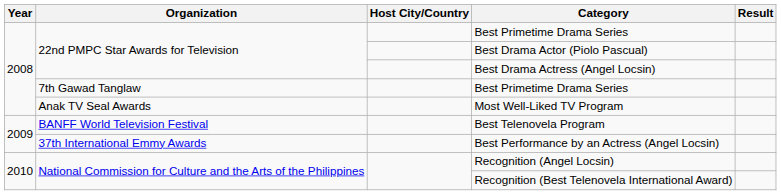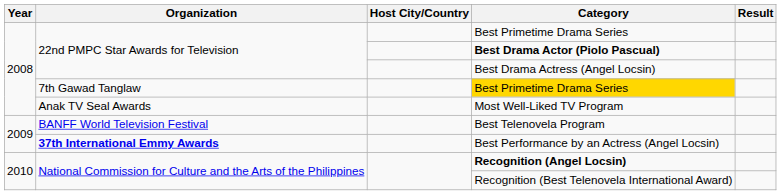 <table class="wikitable">
 <tr>
 <th>Year</th>
 <th>Organization</th>
 <th>Host City/Country</th>
 <th>Category</th>
 <th>Result</th>
 </tr>
 <tr>
 <td rowspan="5">2008</td>
 <td rowspan="3">22nd PMPC Star Awards for Television</td>
 <td></td>
 <td>Best Primetime Drama Series</td>
 <td></td>
 </tr>
 <tr>
 <td></td>
-<td>Best Drama Actor (Piolo Pascual)</td>
+<td><strong>Best Drama Actor (Piolo Pascual)</strong></td>
 <td></td>
 </tr>
 <tr>
 <td></td>
 <td>Best Drama Actress (Angel Locsin)</td>
 <td></td>
 </tr>
 <tr>
 <td>7th Gawad Tanglaw</td>
 <td></td>
-<td>Best Primetime Drama Series</td>
+<td style="background: gold;">Best Primetime Drama Series</td>
 <td></td>
 </tr>
 <tr>
 <td>Anak TV Seal Awards</td>
 <td></td>
 <td>Most Well-Liked TV Program</td>
 <td></td>
 </tr>
 <tr>
 <td rowspan="2">2009</td>
 <td><a href='#'>BANFF World Television Festival</a></td>
 <td></td>
 <td>Best Telenovela Program</td>
 <td></td>
 </tr>
 <tr>
-<td><a href='#'>37th International Emmy Awards</a></td>
+<td><strong><a href='#'>37th International Emmy Awards</a></strong></td>
 <td></td>
 <td>Best Performance by an Actress (Angel Locsin)</td>
 <td></td>
 </tr>
 <tr>
 <td rowspan="2">2010</td>
 <td rowspan="2"><a href='#'>National Commission for Culture and the Arts of the Philippines</a></td>
 <td rowspan="2"></td>
-<td>Recognition (Angel Locsin)</td>
+<td><strong>Recognition (Angel Locsin)</strong></td>
 <td></td>
 </tr>
 <tr>
 <td>Recognition (Best Telenovela International Award)</td>
 <td></td>
 </tr>
 </table>
